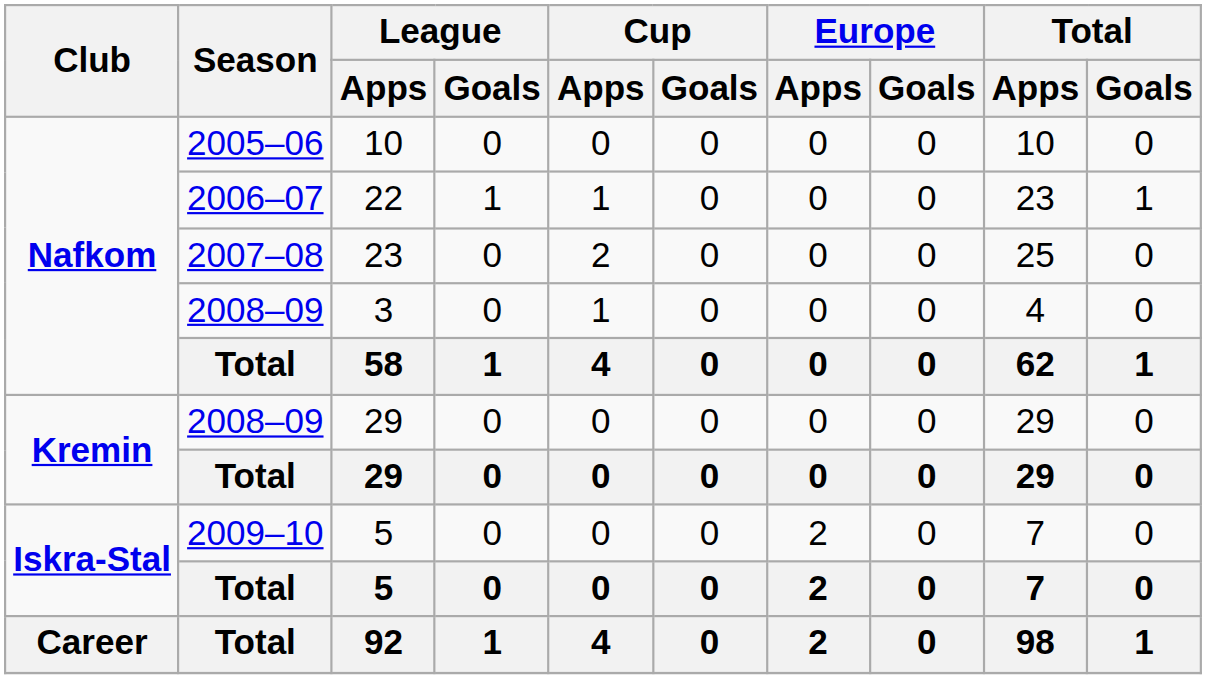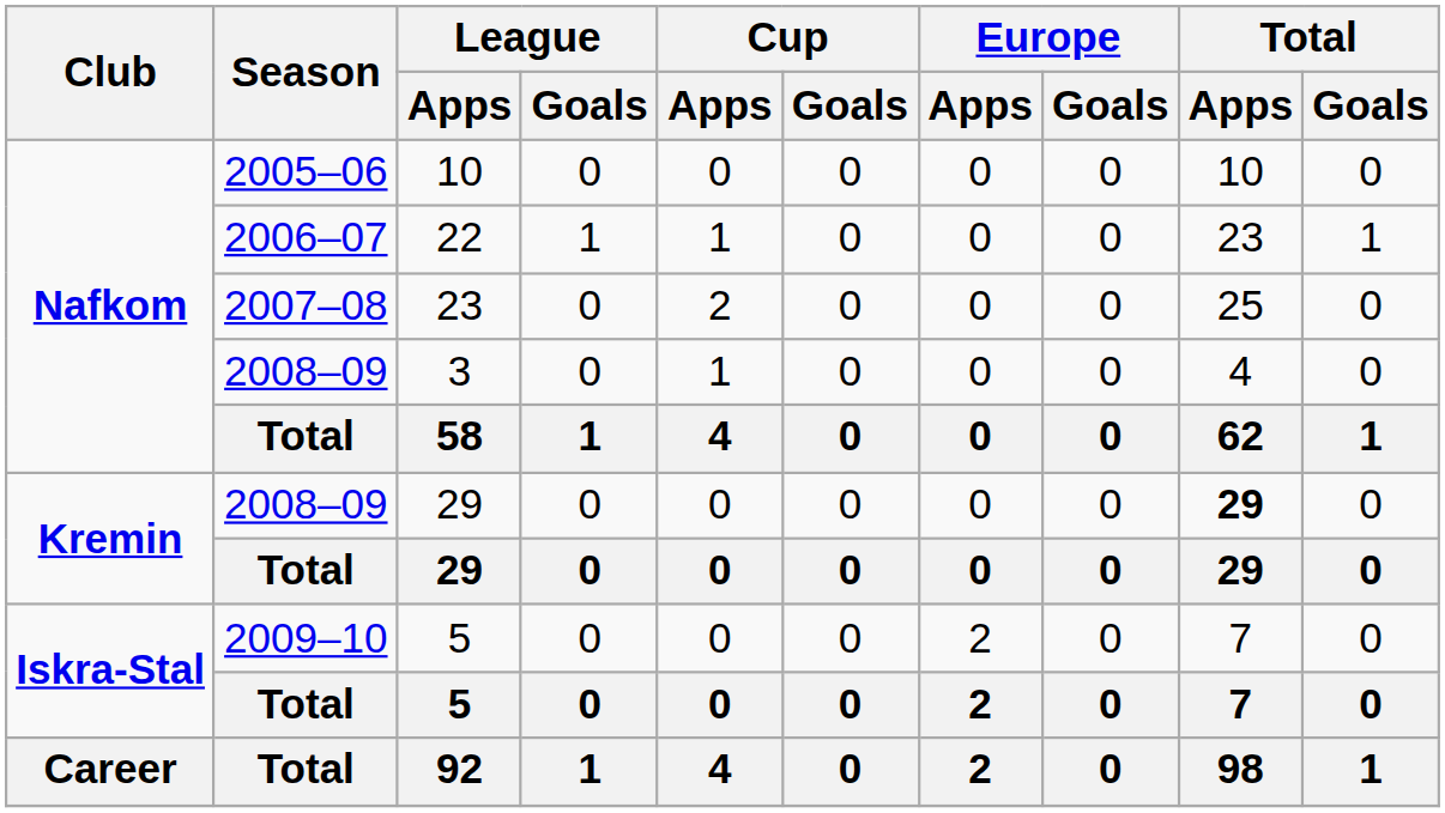 <table class="wikitable sortable" style="text-align: center;">
 <tr>
 <th rowspan="2">Club</th>
 <th rowspan="2">Season</th>
 <th colspan="2">League</th>
 <th colspan="2">Cup</th>
 <th colspan="2"><a href='#'>Europe</a></th>
 <th colspan="2">Total</th>
 </tr>
 <tr>
 <th>Apps</th>
 <th>Goals</th>
 <th>Apps</th>
 <th>Goals</th>
 <th>Apps</th>
 <th>Goals</th>
 <th>Apps</th>
 <th>Goals</th>
 </tr>
 <tr>
 <td rowspan="5"><strong><a href='#'>Nafkom</a></strong></td>
 <td><a href='#'>2005–06</a></td>
 <td>10</td>
 <td>0</td>
 <td>0</td>
 <td>0</td>
 <td>0</td>
 <td>0</td>
 <td>10</td>
 <td>0</td>
 </tr>
 <tr>
 <td><a href='#'>2006–07</a></td>
 <td>22</td>
 <td>1</td>
 <td>1</td>
 <td>0</td>
 <td>0</td>
 <td>0</td>
 <td>23</td>
 <td>1</td>
 </tr>
 <tr>
 <td><a href='#'>2007–08</a></td>
 <td>23</td>
 <td>0</td>
 <td>2</td>
 <td>0</td>
 <td>0</td>
 <td>0</td>
 <td>25</td>
 <td>0</td>
 </tr>
 <tr>
 <td><a href='#'>2008–09</a></td>
 <td>3</td>
 <td>0</td>
 <td>1</td>
 <td>0</td>
 <td>0</td>
 <td>0</td>
 <td>4</td>
 <td>0</td>
 </tr>
 <tr>
 <th>Total</th>
 <th>58</th>
 <th>1</th>
 <th>4</th>
 <th>0</th>
 <th>0</th>
 <th>0</th>
 <th>62</th>
 <th>1</th>
 </tr>
 <tr>
 <td rowspan="2"><strong><a href='#'>Kremin</a></strong></td>
 <td><a href='#'>2008–09</a></td>
 <td>29</td>
 <td>0</td>
 <td>0</td>
 <td>0</td>
 <td>0</td>
 <td>0</td>
-<td>29</td>
+<td><strong>29</strong></td>
 <td>0</td>
 </tr>
 <tr>
 <th>Total</th>
 <th>29</th>
 <th>0</th>
 <th>0</th>
 <th>0</th>
 <th>0</th>
 <th>0</th>
 <th>29</th>
 <th>0</th>
 </tr>
 <tr>
 <td rowspan="2"><strong><a href='#'>Iskra-Stal</a></strong></td>
 <td><a href='#'>2009–10</a></td>
 <td>5</td>
 <td>0</td>
 <td>0</td>
 <td>0</td>
 <td>2</td>
 <td>0</td>
 <td>7</td>
 <td>0</td>
 </tr>
 <tr>
 <th>Total</th>
 <th>5</th>
 <th>0</th>
 <th>0</th>
 <th>0</th>
 <th>2</th>
 <th>0</th>
 <th>7</th>
 <th>0</th>
 </tr>
 <tr>
 <th>Career</th>
 <th>Total</th>
 <th>92</th>
 <th>1</th>
 <th>4</th>
 <th>0</th>
 <th>2</th>
 <th>0</th>
 <th>98</th>
 <th>1</th>
 </tr>
 <tr>
 </tr>
 </table>
